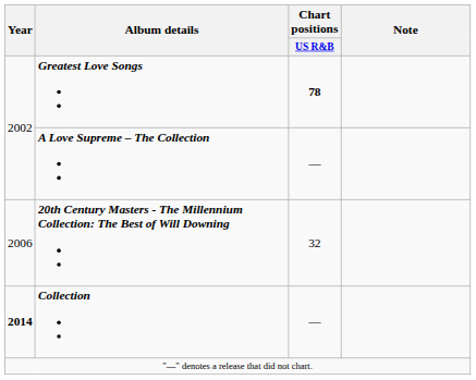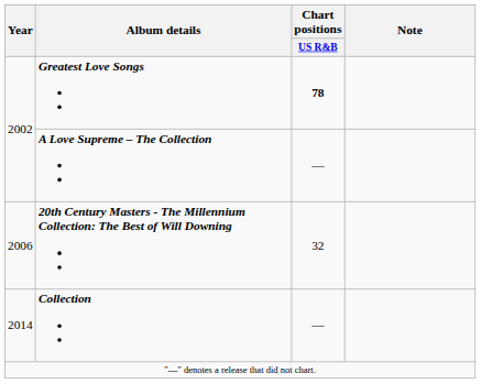 <table class="wikitable" style="text-align:center;">
 <tr>
 <th rowspan="2" style="width:2em;">Year</th>
 <th rowspan="2" style="width:20em;">Album details</th>
 <th colspan="1">Chart positions</th>
 <th rowspan="2" style="width:10em;">Note</th>
 </tr>
 <tr style="font-size:smaller;">
 <th width="40"><a href='#'>US R&B</a><br></th>
 </tr>
 <tr>
 <td rowspan="2">2002</td>
 <td align="left"><strong><em>Greatest Love Songs</em></strong><br><ul><li></li><li></li></ul></td>
 <td align="center"><strong>78</strong></td>
 <td align="left"></td>
 </tr>
 <tr>
 <td align="left"><strong><em>A Love Supreme – The Collection</em></strong><br><ul><li></li><li></li></ul></td>
 <td align="center">—</td>
 <td align="left"></td>
 </tr>
 <tr>
 <td>2006</td>
 <td align="left"><strong><em>20th Century Masters - The Millennium Collection: The Best of Will Downing</em></strong><br><ul><li></li><li></li></ul></td>
 <td align="center">32</td>
 <td align="left"></td>
 </tr>
 <tr>
-<td><strong>2014</strong></td>
+<td>2014</td>
 <td align="left"><strong><em>Collection</em></strong><br><ul><li></li><li></li></ul></td>
 <td align="center">—</td>
 <td align="left"></td>
 </tr>
 <tr>
 <td colspan=5 style=font-size:9pt;>"—" denotes a release that did not chart.</td>
 </tr>
 </table>
